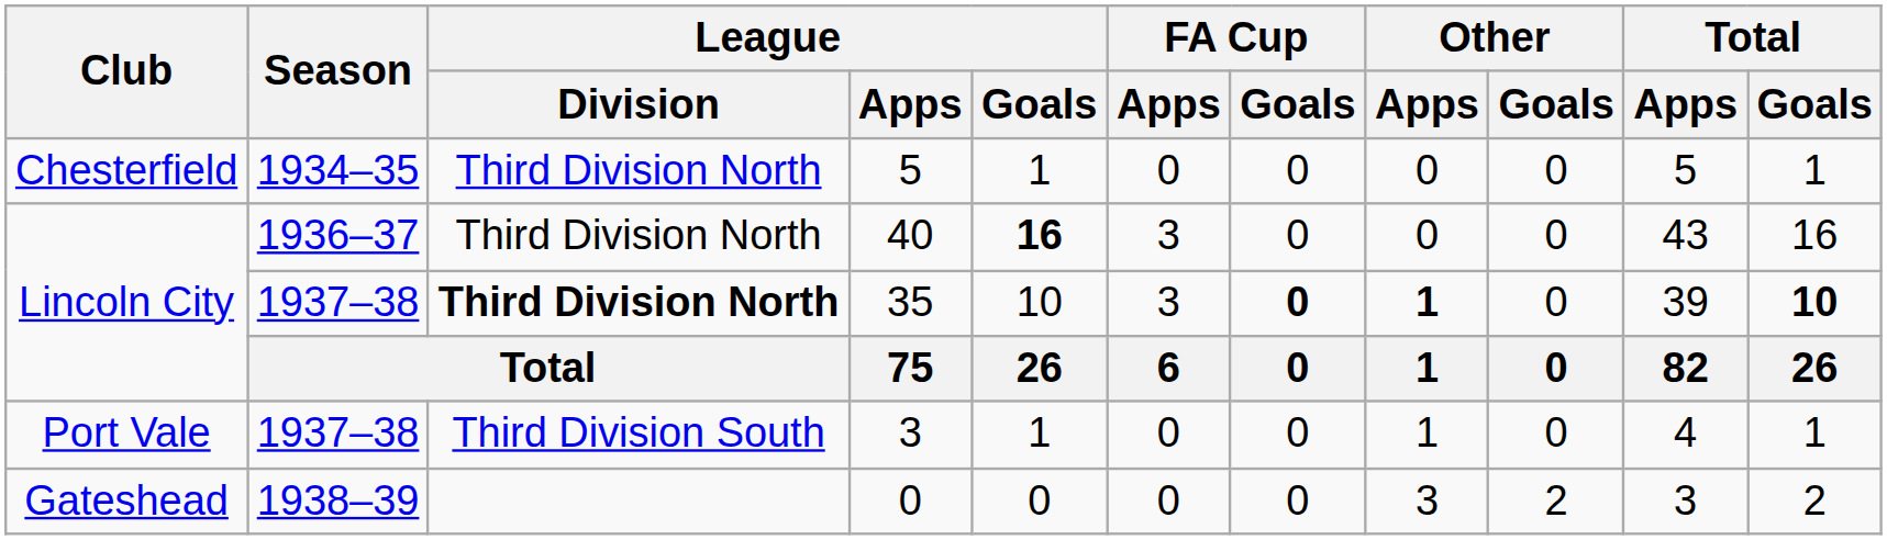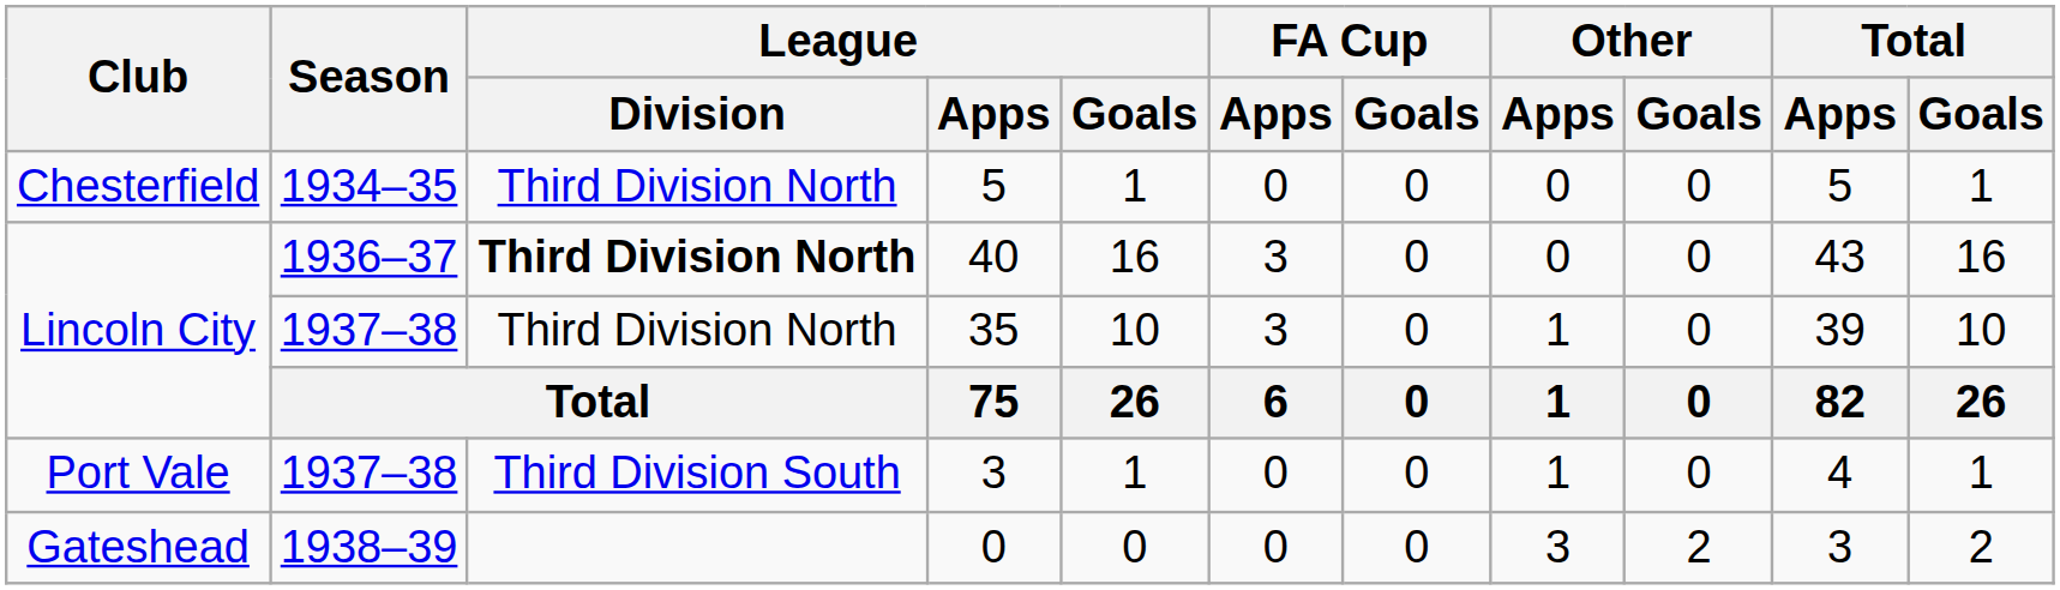 <table class="wikitable" style="text-align: center;">
 <tr>
 <th rowspan="2">Club</th>
 <th rowspan="2">Season</th>
 <th colspan="3">League</th>
 <th colspan="2">FA Cup</th>
 <th colspan="2">Other</th>
 <th colspan="2">Total</th>
 </tr>
 <tr>
 <th>Division</th>
 <th>Apps</th>
 <th>Goals</th>
 <th>Apps</th>
 <th>Goals</th>
 <th>Apps</th>
 <th>Goals</th>
 <th>Apps</th>
 <th>Goals</th>
 </tr>
 <tr>
 <td><a href='#'>Chesterfield</a></td>
 <td><a href='#'>1934–35</a></td>
 <td><a href='#'>Third Division North</a></td>
 <td>5</td>
 <td>1</td>
 <td>0</td>
 <td>0</td>
 <td>0</td>
 <td>0</td>
 <td>5</td>
 <td>1</td>
 </tr>
 <tr>
 <td rowspan="3"><a href='#'>Lincoln City</a></td>
 <td><a href='#'>1936–37</a></td>
-<td>Third Division North</td>
+<td><strong>Third Division North</strong></td>
 <td>40</td>
-<td><strong>16</strong></td>
+<td>16</td>
 <td>3</td>
 <td>0</td>
 <td>0</td>
 <td>0</td>
 <td>43</td>
 <td>16</td>
 </tr>
 <tr>
 <td><a href='#'>1937–38</a></td>
-<td><strong>Third Division North</strong></td>
+<td>Third Division North</td>
 <td>35</td>
 <td>10</td>
 <td>3</td>
-<td><strong>0</strong></td>
-<td><strong>1</strong></td>
+<td>0</td>
+<td>1</td>
 <td>0</td>
 <td>39</td>
-<td><strong>10</strong></td>
+<td>10</td>
 </tr>
 <tr>
 <th colspan="2">Total</th>
 <th>75</th>
 <th>26</th>
 <th>6</th>
 <th>0</th>
 <th>1</th>
 <th>0</th>
 <th>82</th>
 <th>26</th>
 </tr>
 <tr>
 <td><a href='#'>Port Vale</a></td>
 <td><a href='#'>1937–38</a></td>
 <td><a href='#'>Third Division South</a></td>
 <td>3</td>
 <td>1</td>
 <td>0</td>
 <td>0</td>
 <td>1</td>
 <td>0</td>
 <td>4</td>
 <td>1</td>
 </tr>
 <tr>
 <td><a href='#'>Gateshead</a></td>
 <td><a href='#'>1938–39</a></td>
 <td></td>
 <td>0</td>
 <td>0</td>
 <td>0</td>
 <td>0</td>
 <td>3</td>
 <td>2</td>
 <td>3</td>
 <td>2</td>
 </tr>
 </table>
